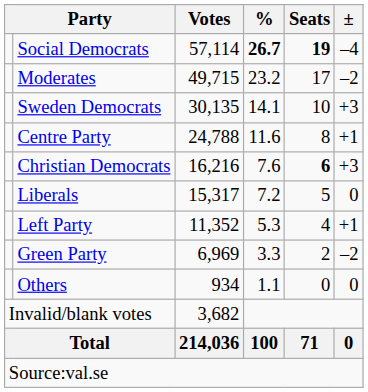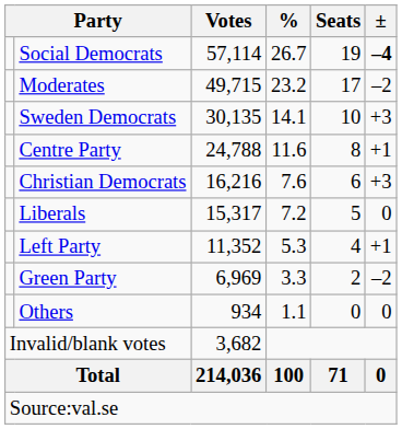 <table class=wikitable style=text-align:right>
 <tr>
 <th colspan=2>Party</th>
 <th>Votes</th>
 <th>%</th>
 <th>Seats</th>
 <th>±</th>
 </tr>
 <tr>
 <td bgcolor=></td>
 <td align=left><a href='#'>Social Democrats</a></td>
 <td>57,114</td>
-<td><strong>26.7</strong></td>
-<td><strong>19</strong></td>
-<td>–4</td>
+<td>26.7</td>
+<td>19</td>
+<td><strong>–4</strong></td>
 </tr>
 <tr>
 <td bgcolor=></td>
 <td align=left><a href='#'>Moderates</a></td>
 <td>49,715</td>
 <td>23.2</td>
 <td>17</td>
 <td>–2</td>
 </tr>
 <tr>
 <td bgcolor=></td>
 <td align=left><a href='#'>Sweden Democrats</a></td>
 <td>30,135</td>
 <td>14.1</td>
 <td>10</td>
 <td>+3</td>
 </tr>
 <tr>
 <td bgcolor=></td>
 <td align=left><a href='#'>Centre Party</a></td>
 <td>24,788</td>
 <td>11.6</td>
 <td>8</td>
 <td>+1</td>
 </tr>
 <tr>
 <td bgcolor=></td>
 <td align=left><a href='#'>Christian Democrats</a></td>
 <td>16,216</td>
 <td>7.6</td>
-<td><strong>6</strong></td>
+<td>6</td>
 <td>+3</td>
 </tr>
 <tr>
 <td bgcolor=></td>
 <td align=left><a href='#'>Liberals</a></td>
 <td>15,317</td>
 <td>7.2</td>
 <td>5</td>
 <td>0</td>
 </tr>
 <tr>
 <td bgcolor=></td>
 <td align=left><a href='#'>Left Party</a></td>
 <td>11,352</td>
 <td>5.3</td>
 <td>4</td>
 <td>+1</td>
 </tr>
 <tr>
 <td bgcolor=></td>
 <td align=left><a href='#'>Green Party</a></td>
 <td>6,969</td>
 <td>3.3</td>
 <td>2</td>
 <td>–2</td>
 </tr>
 <tr>
 <td></td>
 <td align=left><a href='#'>Others</a></td>
 <td>934</td>
 <td>1.1</td>
 <td>0</td>
 <td>0</td>
 </tr>
 <tr>
 <td align=left colspan=2>Invalid/blank votes</td>
 <td>3,682</td>
 <td colspan=3></td>
 </tr>
 <tr>
 <th align=left colspan=2>Total</th>
 <th>214,036</th>
 <th>100</th>
 <th>71</th>
 <th>0</th>
 </tr>
 <tr>
 <td align=left colspan=6>Source:val.se </td>
 </tr>
 </table>
